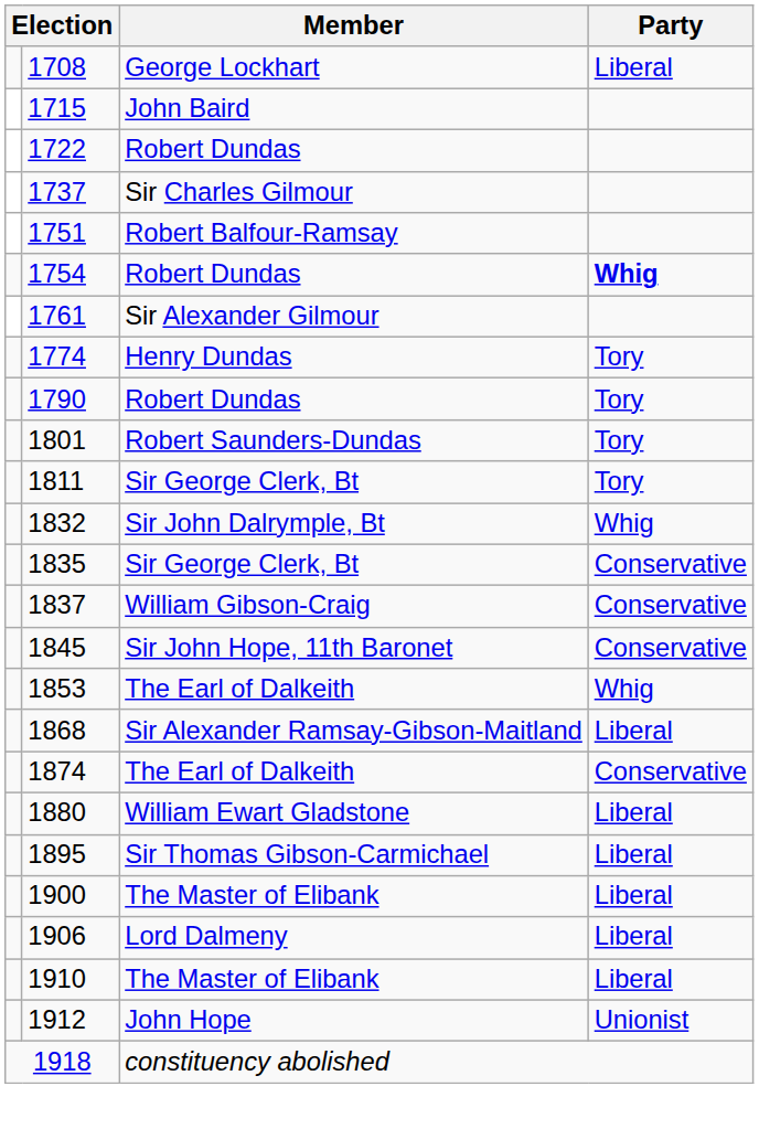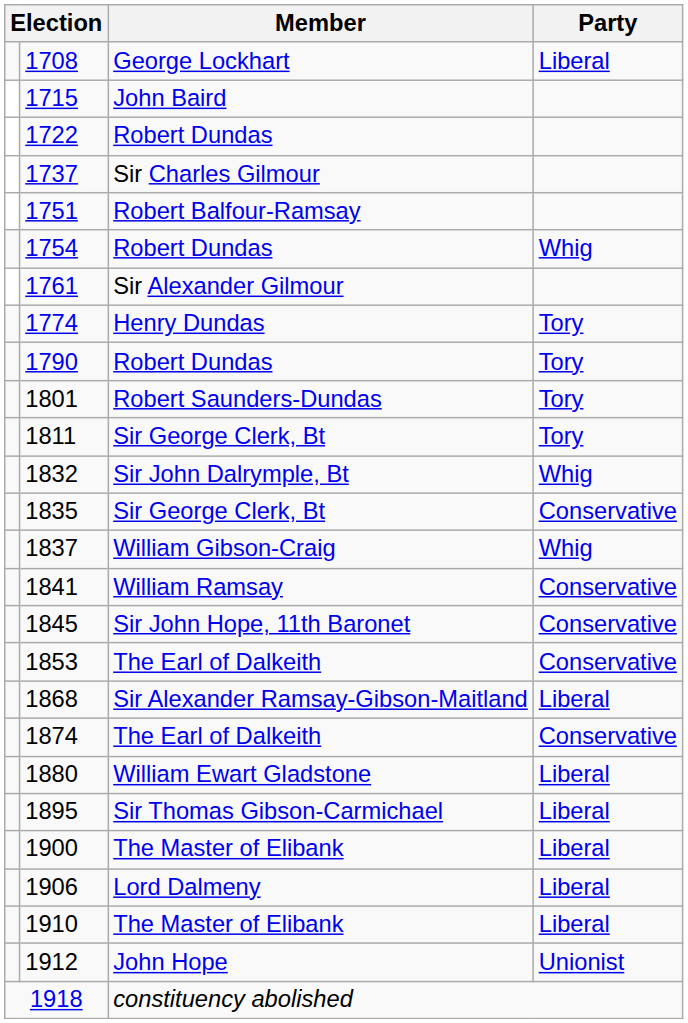 <table class="wikitable">
 <tr>
 <th colspan="2">Election</th>
 <th>Member</th>
 <th>Party</th>
 </tr>
 <tr>
 <td style="color:inherit;background-color: "></td>
 <td><a href='#'>1708</a></td>
 <td><a href='#'>George Lockhart</a></td>
 <td><a href='#'>Liberal</a></td>
 </tr>
 <tr>
 <td style="color:inherit;background-color: white"></td>
 <td><a href='#'>1715</a></td>
 <td><a href='#'>John Baird</a></td>
 <td></td>
 </tr>
 <tr>
 <td style="color:inherit;background-color: white"></td>
 <td><a href='#'>1722</a></td>
 <td><a href='#'>Robert Dundas</a></td>
 <td></td>
 </tr>
 <tr>
 <td style="color:inherit;background-color: white"></td>
 <td><a href='#'>1737</a></td>
 <td>Sir <a href='#'>Charles Gilmour</a></td>
 <td></td>
 </tr>
 <tr>
 <td style="color:inherit;background-color: white"></td>
 <td><a href='#'>1751</a></td>
 <td><a href='#'>Robert Balfour-Ramsay</a></td>
 <td></td>
 </tr>
 <tr>
 <td style="color:inherit;background-color: "></td>
 <td><a href='#'>1754</a></td>
 <td><a href='#'>Robert Dundas</a></td>
-<td><strong><a href='#'>Whig</a></strong></td>
+<td><a href='#'>Whig</a></td>
 </tr>
 <tr>
 <td style="color:inherit;background-color: white"></td>
 <td><a href='#'>1761</a></td>
 <td>Sir <a href='#'>Alexander Gilmour</a></td>
 <td></td>
 </tr>
 <tr>
 <td style="color:inherit;background-color: "></td>
 <td><a href='#'>1774</a></td>
 <td><a href='#'>Henry Dundas</a></td>
 <td><a href='#'>Tory</a></td>
 </tr>
 <tr>
 <td style="color:inherit;background-color: "></td>
 <td><a href='#'>1790</a></td>
 <td><a href='#'>Robert Dundas</a></td>
 <td><a href='#'>Tory</a></td>
 </tr>
 <tr>
 <td style="color:inherit;background-color: "></td>
 <td>1801</td>
 <td><a href='#'>Robert Saunders-Dundas</a></td>
 <td><a href='#'>Tory</a></td>
 </tr>
 <tr>
 <td style="color:inherit;background-color: "></td>
 <td>1811</td>
 <td><a href='#'>Sir George Clerk, Bt</a></td>
 <td><a href='#'>Tory</a></td>
 </tr>
 <tr>
 <td style="color:inherit;background-color: "></td>
 <td>1832</td>
 <td><a href='#'>Sir John Dalrymple, Bt</a></td>
 <td><a href='#'>Whig</a></td>
 </tr>
 <tr>
 <td style="color:inherit;background-color: "></td>
 <td>1835</td>
 <td><a href='#'>Sir George Clerk, Bt</a></td>
 <td><a href='#'>Conservative</a></td>
 </tr>
 <tr>
 <td style="color:inherit;background-color: "></td>
 <td>1837</td>
 <td><a href='#'>William Gibson-Craig</a></td>
+<td><a href='#'>Whig</a></td>
+</tr>
+<tr Whig>
+<td style="color:inherit;background-color: "></td>
+<td>1841</td>
+<td><a href='#'>William Ramsay</a></td>
 <td><a href='#'>Conservative</a></td>
 </tr>
 <tr>
 <td style="color:inherit;background-color: "></td>
 <td>1845</td>
 <td><a href='#'>Sir John Hope, 11th Baronet</a></td>
 <td><a href='#'>Conservative</a></td>
 </tr>
 <tr>
 <td style="color:inherit;background-color: "></td>
 <td>1853</td>
 <td><a href='#'>The Earl of Dalkeith</a></td>
-<td><a href='#'>Whig</a></td>
+<td><a href='#'>Conservative</a></td>
 </tr>
 <tr>
 <td style="color:inherit;background-color: "></td>
 <td>1868</td>
 <td><a href='#'>Sir Alexander Ramsay-Gibson-Maitland</a></td>
 <td><a href='#'>Liberal</a></td>
 </tr>
 <tr>
 <td style="color:inherit;background-color: "></td>
 <td>1874</td>
 <td><a href='#'>The Earl of Dalkeith</a></td>
 <td><a href='#'>Conservative</a></td>
 </tr>
 <tr>
 <td style="color:inherit;background-color: "></td>
 <td>1880</td>
 <td><a href='#'>William Ewart Gladstone</a></td>
 <td><a href='#'>Liberal</a></td>
 </tr>
 <tr>
 <td style="color:inherit;background-color: "></td>
 <td>1895</td>
 <td><a href='#'>Sir Thomas Gibson-Carmichael</a></td>
 <td><a href='#'>Liberal</a></td>
 </tr>
 <tr>
 <td style="color:inherit;background-color: "></td>
 <td>1900</td>
 <td><a href='#'>The Master of Elibank</a></td>
 <td><a href='#'>Liberal</a></td>
 </tr>
 <tr>
 <td style="color:inherit;background-color: "></td>
 <td>1906</td>
 <td><a href='#'>Lord Dalmeny</a></td>
 <td><a href='#'>Liberal</a></td>
 </tr>
 <tr>
 <td style="color:inherit;background-color: "></td>
 <td>1910</td>
 <td><a href='#'>The Master of Elibank</a></td>
 <td><a href='#'>Liberal</a></td>
 </tr>
 <tr>
 <td style="color:inherit;background-color: "></td>
 <td>1912</td>
 <td><a href='#'>John Hope</a></td>
 <td><a href='#'>Unionist</a></td>
 </tr>
 <tr>
 <td colspan="2" align="center"><a href='#'>1918</a></td>
 <td colspan="2"><em>constituency abolished</em></td>
 </tr>
 </table>
